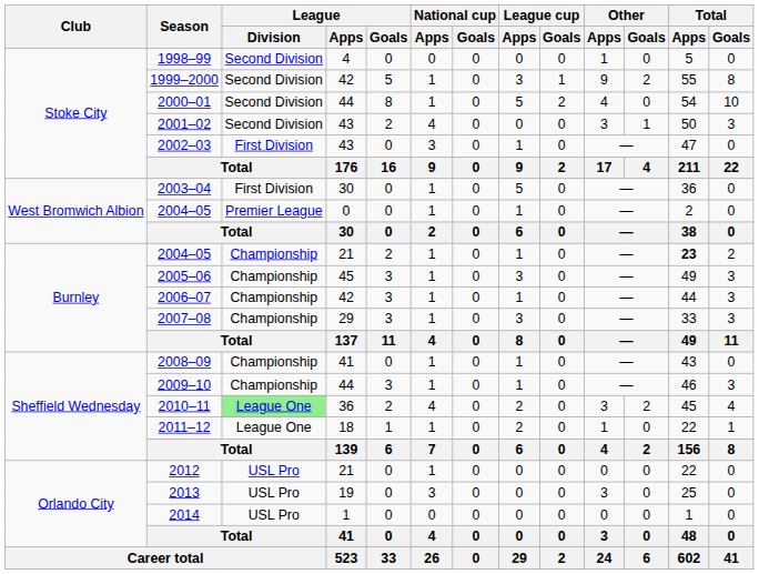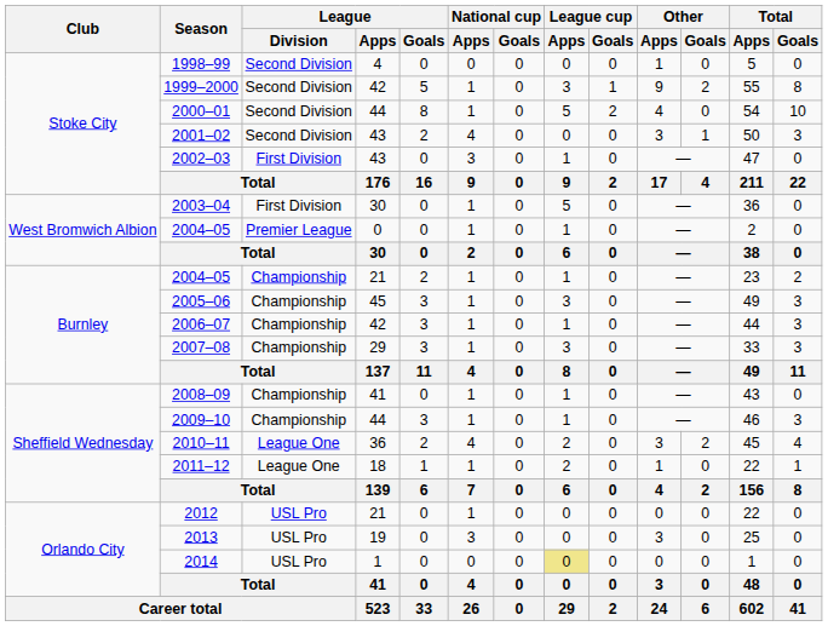 <table class="wikitable" style="text-align: center;">
 <tr>
 <th rowspan="2">Club</th>
 <th rowspan="2">Season</th>
 <th colspan="3">League</th>
 <th colspan="2">National cup</th>
 <th colspan="2">League cup</th>
 <th colspan="2">Other</th>
 <th colspan="2">Total</th>
 </tr>
 <tr>
 <th>Division</th>
 <th>Apps</th>
 <th>Goals</th>
 <th>Apps</th>
 <th>Goals</th>
 <th>Apps</th>
 <th>Goals</th>
 <th>Apps</th>
 <th>Goals</th>
 <th>Apps</th>
 <th>Goals</th>
 </tr>
 <tr>
 <td rowspan="6"><a href='#'>Stoke City</a></td>
 <td><a href='#'>1998–99</a></td>
 <td><a href='#'>Second Division</a></td>
 <td>4</td>
 <td>0</td>
 <td>0</td>
 <td>0</td>
 <td>0</td>
 <td>0</td>
 <td>1</td>
 <td>0</td>
 <td>5</td>
 <td>0</td>
 </tr>
 <tr>
 <td><a href='#'>1999–2000</a></td>
 <td>Second Division</td>
 <td>42</td>
 <td>5</td>
 <td>1</td>
 <td>0</td>
 <td>3</td>
 <td>1</td>
 <td>9</td>
 <td>2</td>
 <td>55</td>
 <td>8</td>
 </tr>
 <tr>
 <td><a href='#'>2000–01</a></td>
 <td>Second Division</td>
 <td>44</td>
 <td>8</td>
 <td>1</td>
 <td>0</td>
 <td>5</td>
 <td>2</td>
 <td>4</td>
 <td>0</td>
 <td>54</td>
 <td>10</td>
 </tr>
 <tr>
 <td><a href='#'>2001–02</a></td>
 <td>Second Division</td>
 <td>43</td>
 <td>2</td>
 <td>4</td>
 <td>0</td>
 <td>0</td>
 <td>0</td>
 <td>3</td>
 <td>1</td>
 <td>50</td>
 <td>3</td>
 </tr>
 <tr>
 <td><a href='#'>2002–03</a></td>
 <td><a href='#'>First Division</a></td>
 <td>43</td>
 <td>0</td>
 <td>3</td>
 <td>0</td>
 <td>1</td>
 <td>0</td>
 <td colspan="2">—</td>
 <td>47</td>
 <td>0</td>
 </tr>
 <tr>
 <th colspan="2">Total</th>
 <th>176</th>
 <th>16</th>
 <th>9</th>
 <th>0</th>
 <th>9</th>
 <th>2</th>
 <th>17</th>
 <th>4</th>
 <th>211</th>
 <th>22</th>
 </tr>
 <tr>
 <td rowspan="3"><a href='#'>West Bromwich Albion</a></td>
 <td><a href='#'>2003–04</a></td>
 <td>First Division</td>
 <td>30</td>
 <td>0</td>
 <td>1</td>
 <td>0</td>
 <td>5</td>
 <td>0</td>
 <td colspan="2">—</td>
 <td>36</td>
 <td>0</td>
 </tr>
 <tr>
 <td><a href='#'>2004–05</a></td>
 <td><a href='#'>Premier League</a></td>
 <td>0</td>
 <td>0</td>
 <td>1</td>
 <td>0</td>
 <td>1</td>
 <td>0</td>
 <td colspan="2">—</td>
 <td>2</td>
 <td>0</td>
 </tr>
 <tr>
 <th colspan="2">Total</th>
 <th>30</th>
 <th>0</th>
 <th>2</th>
 <th>0</th>
 <th>6</th>
 <th>0</th>
 <th colspan="2">—</th>
 <th>38</th>
 <th>0</th>
 </tr>
 <tr>
 <td rowspan="5"><a href='#'>Burnley</a></td>
 <td><a href='#'>2004–05</a></td>
 <td><a href='#'>Championship</a></td>
 <td>21</td>
 <td>2</td>
 <td>1</td>
 <td>0</td>
 <td>1</td>
 <td>0</td>
 <td colspan="2">—</td>
-<td><strong>23</strong></td>
+<td>23</td>
 <td>2</td>
 </tr>
 <tr>
 <td><a href='#'>2005–06</a></td>
 <td>Championship</td>
 <td>45</td>
 <td>3</td>
 <td>1</td>
 <td>0</td>
 <td>3</td>
 <td>0</td>
 <td colspan="2">—</td>
 <td>49</td>
 <td>3</td>
 </tr>
 <tr>
 <td><a href='#'>2006–07</a></td>
 <td>Championship</td>
 <td>42</td>
 <td>3</td>
 <td>1</td>
 <td>0</td>
 <td>1</td>
 <td>0</td>
 <td colspan="2">—</td>
 <td>44</td>
 <td>3</td>
 </tr>
 <tr>
 <td><a href='#'>2007–08</a></td>
 <td>Championship</td>
 <td>29</td>
 <td>3</td>
 <td>1</td>
 <td>0</td>
 <td>3</td>
 <td>0</td>
 <td colspan="2">—</td>
 <td>33</td>
 <td>3</td>
 </tr>
 <tr>
 <th colspan="2">Total</th>
 <th>137</th>
 <th>11</th>
 <th>4</th>
 <th>0</th>
 <th>8</th>
 <th>0</th>
 <th colspan="2">—</th>
 <th>49</th>
 <th>11</th>
 </tr>
 <tr>
 <td rowspan="5"><a href='#'>Sheffield Wednesday</a></td>
 <td><a href='#'>2008–09</a></td>
 <td>Championship</td>
 <td>41</td>
 <td>0</td>
 <td>1</td>
 <td>0</td>
 <td>1</td>
 <td>0</td>
 <td colspan="2">—</td>
 <td>43</td>
 <td>0</td>
 </tr>
 <tr>
 <td><a href='#'>2009–10</a></td>
 <td>Championship</td>
 <td>44</td>
 <td>3</td>
 <td>1</td>
 <td>0</td>
 <td>1</td>
 <td>0</td>
 <td colspan="2">—</td>
 <td>46</td>
 <td>3</td>
 </tr>
 <tr>
 <td><a href='#'>2010–11</a></td>
-<td style="background: lightgreen;"><a href='#'>League One</a></td>
+<td><a href='#'>League One</a></td>
 <td>36</td>
 <td>2</td>
 <td>4</td>
 <td>0</td>
 <td>2</td>
 <td>0</td>
 <td>3</td>
 <td>2</td>
 <td>45</td>
 <td>4</td>
 </tr>
 <tr>
 <td><a href='#'>2011–12</a></td>
 <td>League One</td>
 <td>18</td>
 <td>1</td>
 <td>1</td>
 <td>0</td>
 <td>2</td>
 <td>0</td>
 <td>1</td>
 <td>0</td>
 <td>22</td>
 <td>1</td>
 </tr>
 <tr>
 <th colspan="2">Total</th>
 <th>139</th>
 <th>6</th>
 <th>7</th>
 <th>0</th>
 <th>6</th>
 <th>0</th>
 <th>4</th>
 <th>2</th>
 <th>156</th>
 <th>8</th>
 </tr>
 <tr>
 <td rowspan="4"><a href='#'>Orlando City</a></td>
 <td><a href='#'>2012</a></td>
 <td><a href='#'>USL Pro</a></td>
 <td>21</td>
 <td>0</td>
 <td>1</td>
 <td>0</td>
 <td>0</td>
 <td>0</td>
 <td>0</td>
 <td>0</td>
 <td>22</td>
 <td>0</td>
 </tr>
 <tr>
 <td><a href='#'>2013</a></td>
 <td>USL Pro</td>
 <td>19</td>
 <td>0</td>
 <td>3</td>
 <td>0</td>
 <td>0</td>
 <td>0</td>
 <td>3</td>
 <td>0</td>
 <td>25</td>
 <td>0</td>
 </tr>
 <tr>
 <td><a href='#'>2014</a></td>
 <td>USL Pro</td>
 <td>1</td>
 <td>0</td>
 <td>0</td>
 <td>0</td>
-<td>0</td>
+<td style="background: khaki;">0</td>
 <td>0</td>
 <td>0</td>
 <td>0</td>
 <td>1</td>
 <td>0</td>
 </tr>
 <tr>
 <th colspan="2">Total</th>
 <th>41</th>
 <th>0</th>
 <th>4</th>
 <th>0</th>
 <th>0</th>
 <th>0</th>
 <th>3</th>
 <th>0</th>
 <th>48</th>
 <th>0</th>
 </tr>
 <tr>
 <th colspan="3">Career total</th>
 <th>523</th>
 <th>33</th>
 <th>26</th>
 <th>0</th>
 <th>29</th>
 <th>2</th>
 <th>24</th>
 <th>6</th>
 <th>602</th>
 <th>41</th>
 </tr>
 </table>
